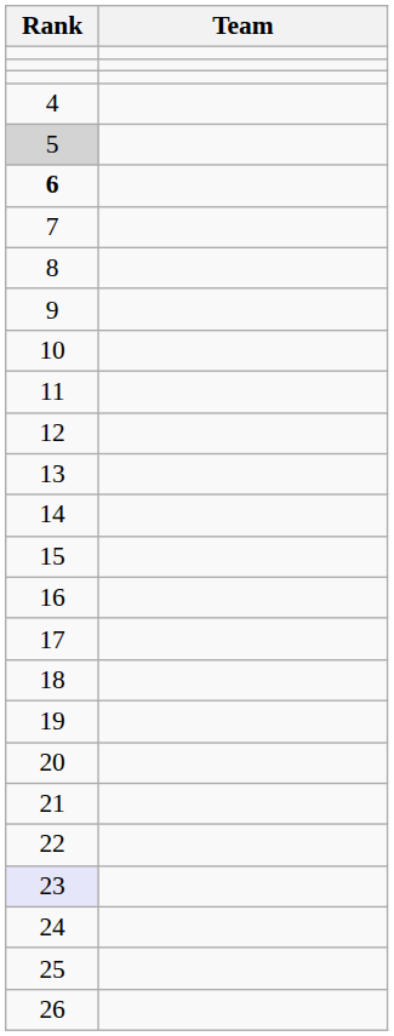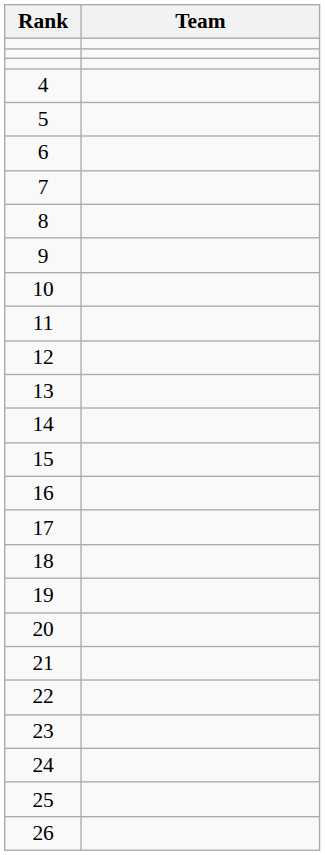 <table class="wikitable" style="text-align: center">
 <tr>
 <th width=50>Rank</th>
 <th width=170>Team</th>
 </tr>
 <tr>
 <td></td>
 <td align=left></td>
 </tr>
 <tr>
 <td></td>
 <td align=left></td>
 </tr>
 <tr>
 <td></td>
 <td align=left></td>
 </tr>
 <tr>
 <td>4</td>
 <td align=left></td>
 </tr>
 <tr>
-<td style="background: lightgrey;">5</td>
+<td>5</td>
 <td align=left></td>
 </tr>
 <tr>
-<td><strong>6</strong></td>
+<td>6</td>
 <td align=left></td>
 </tr>
 <tr>
 <td>7</td>
 <td align=left></td>
 </tr>
 <tr>
 <td>8</td>
 <td align=left></td>
 </tr>
 <tr>
 <td>9</td>
 <td align=left></td>
 </tr>
 <tr>
 <td>10</td>
 <td align=left></td>
 </tr>
 <tr>
 <td>11</td>
 <td align=left></td>
 </tr>
 <tr>
 <td>12</td>
 <td align=left></td>
 </tr>
 <tr>
 <td>13</td>
 <td align=left></td>
 </tr>
 <tr>
 <td>14</td>
 <td align=left></td>
 </tr>
 <tr>
 <td>15</td>
 <td align=left></td>
 </tr>
 <tr>
 <td>16</td>
 <td align=left></td>
 </tr>
 <tr>
 <td>17</td>
 <td align=left></td>
 </tr>
 <tr>
 <td>18</td>
 <td align=left></td>
 </tr>
 <tr>
 <td>19</td>
 <td align=left></td>
 </tr>
 <tr>
 <td>20</td>
 <td align=left></td>
 </tr>
 <tr>
 <td>21</td>
 <td align=left></td>
 </tr>
 <tr>
 <td>22</td>
 <td align=left></td>
 </tr>
 <tr>
-<td style="background: lavender;">23</td>
+<td>23</td>
 <td align=left></td>
 </tr>
 <tr>
 <td>24</td>
 <td align=left></td>
 </tr>
 <tr>
 <td>25</td>
 <td align=left></td>
 </tr>
 <tr>
 <td>26</td>
 <td align=left></td>
 </tr>
 </table>
